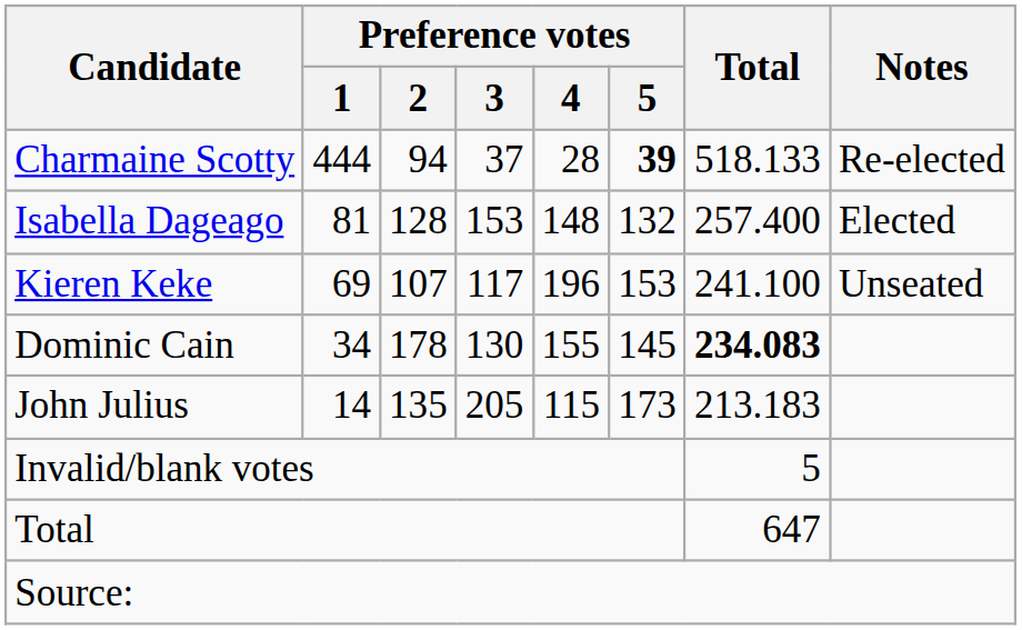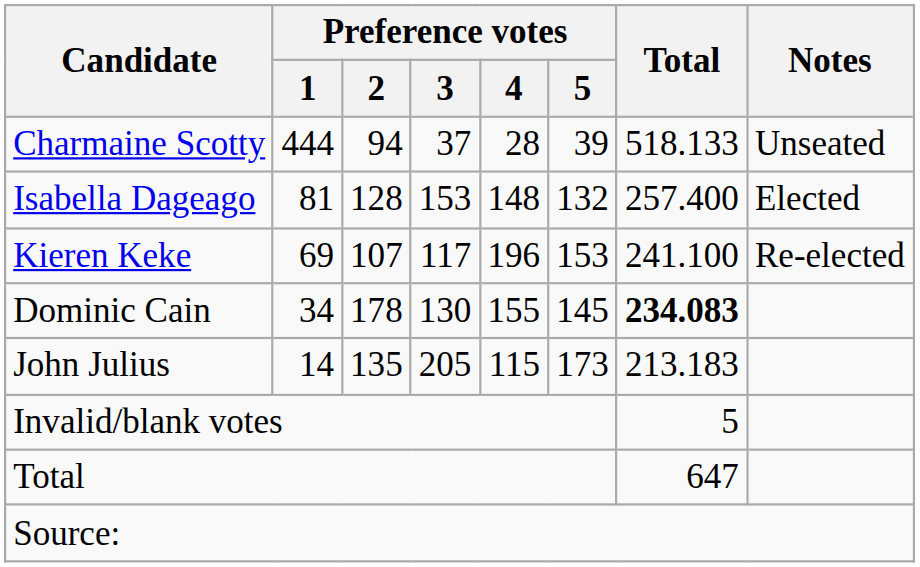 <table class=wikitable style=text-align:right>
 <tr>
 <th rowspan=2>Candidate</th>
 <th colspan=5>Preference votes</th>
 <th rowspan=2>Total</th>
 <th rowspan=2>Notes</th>
 </tr>
 <tr>
 <th>1</th>
 <th>2</th>
 <th>3</th>
 <th>4</th>
 <th>5</th>
 </tr>
 <tr>
 <td align=left><a href='#'>Charmaine Scotty</a></td>
 <td>444</td>
 <td>94</td>
 <td>37</td>
 <td>28</td>
-<td><strong>39</strong></td>
+<td>39</td>
 <td>518.133</td>
-<td align=left>Re-elected</td>
+<td align=left>Unseated</td>
 </tr>
 <tr>
 <td align=left><a href='#'>Isabella Dageago</a></td>
 <td>81</td>
 <td>128</td>
 <td>153</td>
 <td>148</td>
 <td>132</td>
 <td>257.400</td>
 <td align=left>Elected</td>
 </tr>
 <tr>
 <td align=left><a href='#'>Kieren Keke</a></td>
 <td>69</td>
 <td>107</td>
 <td>117</td>
 <td>196</td>
 <td>153</td>
 <td>241.100</td>
-<td align=left>Unseated</td>
+<td align=left>Re-elected</td>
 </tr>
 <tr>
 <td align=left>Dominic Cain</td>
 <td>34</td>
 <td>178</td>
 <td>130</td>
 <td>155</td>
 <td>145</td>
 <td><strong>234.083</strong></td>
 <td></td>
 </tr>
 <tr>
 <td align=left>John Julius</td>
 <td>14</td>
 <td>135</td>
 <td>205</td>
 <td>115</td>
 <td>173</td>
 <td>213.183</td>
 <td></td>
 </tr>
 <tr>
 <td align=left colspan=6>Invalid/blank votes</td>
 <td>5</td>
 <td></td>
 </tr>
 <tr>
 <td align=left colspan=6>Total</td>
 <td>647</td>
 <td></td>
 </tr>
 <tr>
 <td align=left colspan=13>Source: </td>
 </tr>
 </table>
